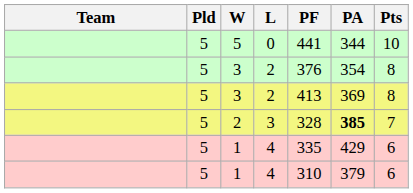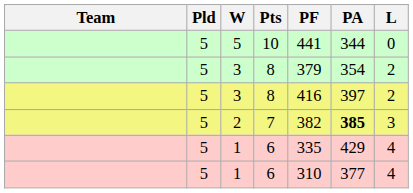 <table class="wikitable" style="text-align:center;">
 <tr>
 <th width=170>Team</th>
 <th width=25>Pld</th>
 <th width=25>W</th>
-<th width=25>L</th>
+<th width=25>Pts</th>
 <th width=35>PF</th>
 <th width=35>PA</th>
-<th width=25>Pts</th>
+<th width=25>L</th>
 </tr>
 <tr bgcolor=#ccffcc>
 <td align="left"></td>
 <td>5</td>
 <td>5</td>
-<td>0</td>
+<td>10</td>
 <td>441</td>
 <td>344</td>
-<td>10</td>
+<td>0</td>
 </tr>
 <tr bgcolor=#ccffcc>
 <td align="left"></td>
 <td>5</td>
 <td>3</td>
+<td>8</td>
+<td>379</td>
+<td>354</td>
 <td>2</td>
-<td>376</td>
-<td>354</td>
-<td>8</td>
 </tr>
 <tr bgcolor=#F3F781>
 <td align="left"></td>
 <td>5</td>
 <td>3</td>
+<td>8</td>
+<td>416</td>
+<td>397</td>
 <td>2</td>
-<td>413</td>
-<td>369</td>
-<td>8</td>
 </tr>
 <tr bgcolor=#F3F781>
 <td align="left"></td>
 <td>5</td>
 <td>2</td>
+<td>7</td>
+<td>382</td>
+<td><strong>385</strong></td>
 <td>3</td>
-<td>328</td>
-<td><strong>385</strong></td>
-<td>7</td>
 </tr>
 <tr bgcolor=#ffcccc>
 <td align="left"></td>
 <td>5</td>
 <td>1</td>
-<td>4</td>
+<td>6</td>
 <td>335</td>
 <td>429</td>
-<td>6</td>
+<td>4</td>
 </tr>
 <tr bgcolor=#ffcccc>
 <td align="left"></td>
 <td>5</td>
 <td>1</td>
+<td>6</td>
+<td>310</td>
+<td>377</td>
 <td>4</td>
-<td>310</td>
-<td>379</td>
-<td>6</td>
 </tr>
 </table>
